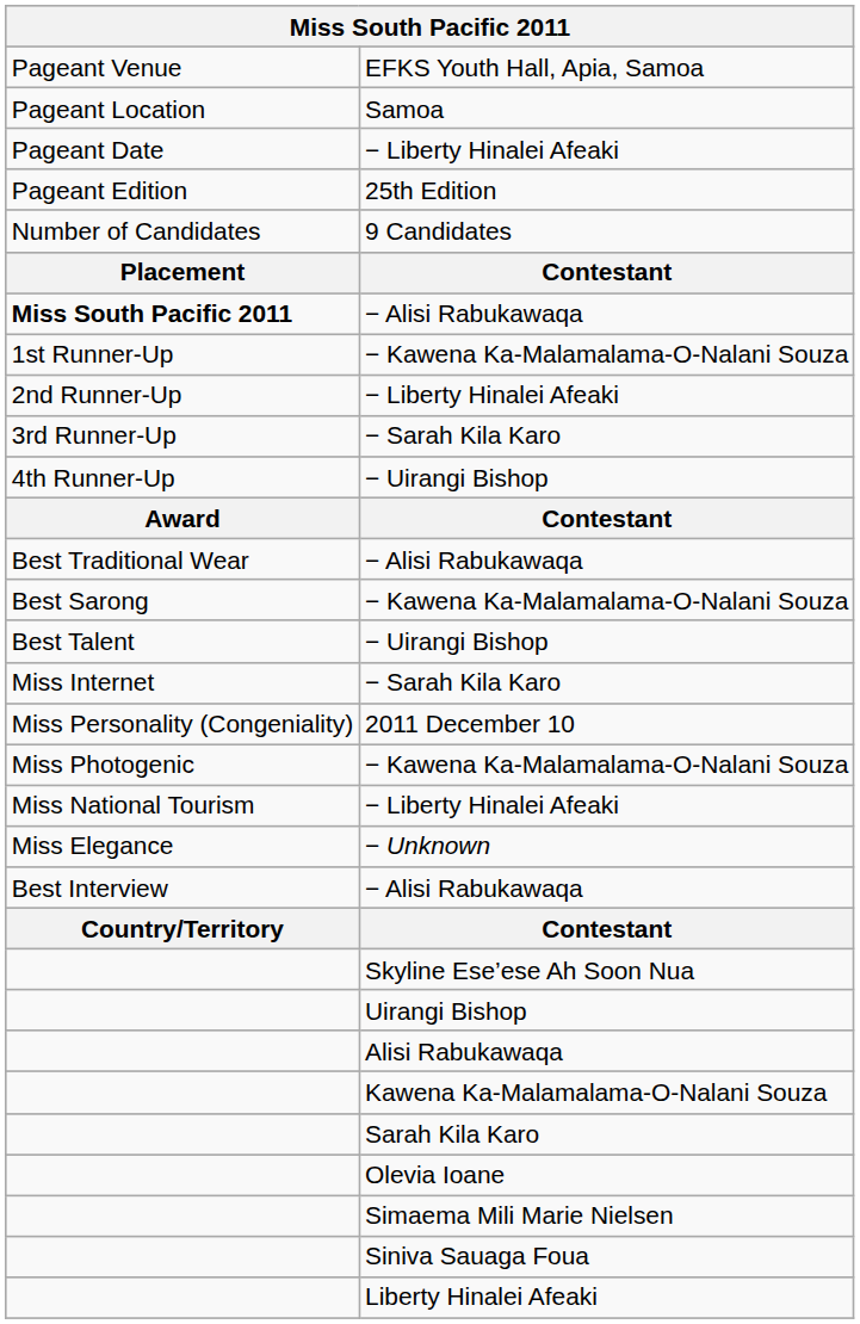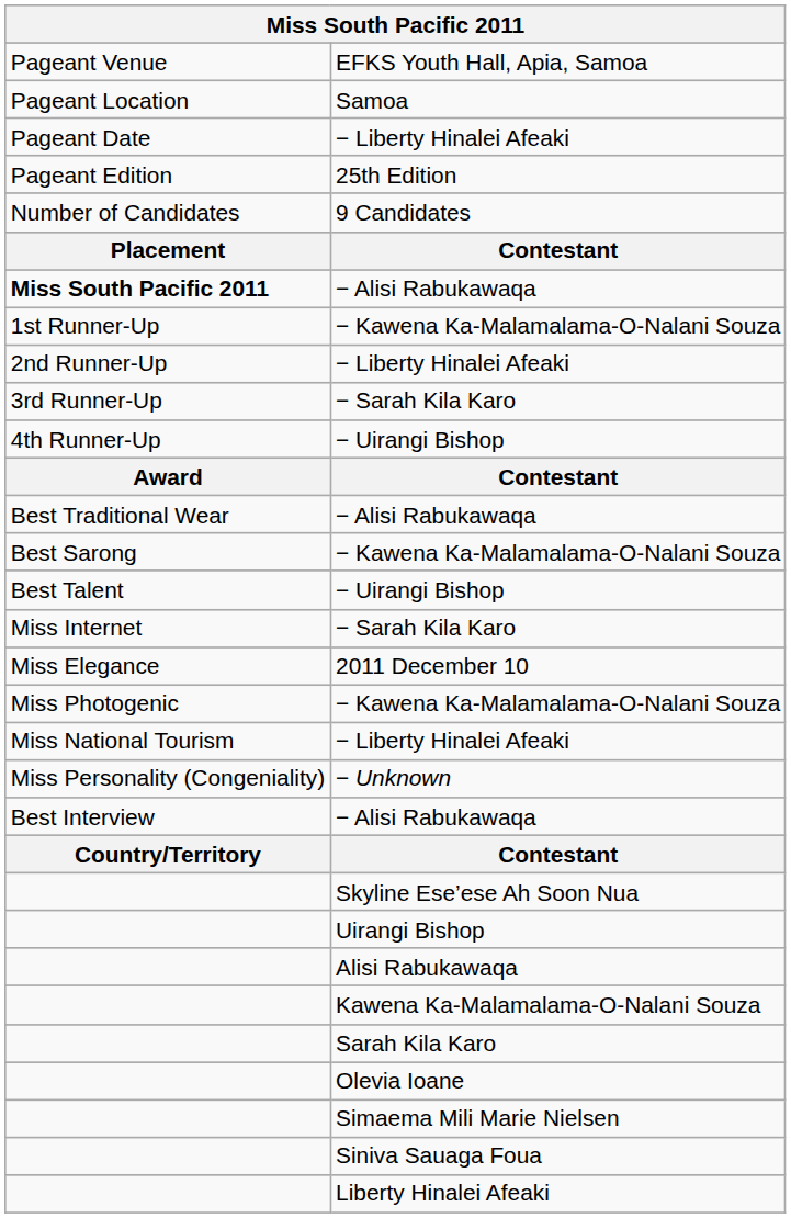 <table class="wikitable sortable" style="font-size: 80%;">
 <tr>
 <th colspan="2"><strong>Miss South Pacific 2011</strong></th>
 </tr>
 <tr>
 <td>Pageant Venue</td>
 <td>EFKS Youth Hall, Apia, Samoa</td>
 </tr>
 <tr>
 <td>Pageant Location</td>
 <td>Samoa</td>
 </tr>
 <tr>
 <td>Pageant Date</td>
 <td> − Liberty Hinalei Afeaki</td>
 </tr>
 <tr>
 <td>Pageant Edition</td>
 <td>25th Edition</td>
 </tr>
 <tr>
 <td>Number of Candidates</td>
 <td>9 Candidates</td>
 </tr>
 <tr>
 <th>Placement</th>
 <th>Contestant</th>
 </tr>
 <tr>
 <td><strong>Miss South Pacific 2011</strong></td>
 <td> − Alisi Rabukawaqa</td>
 </tr>
 <tr>
 <td>1st Runner-Up</td>
 <td> − Kawena Ka-Malamalama-O-Nalani Souza</td>
 </tr>
 <tr>
 <td>2nd Runner-Up</td>
 <td> − Liberty Hinalei Afeaki</td>
 </tr>
 <tr>
 <td>3rd Runner-Up</td>
 <td> − Sarah Kila Karo</td>
 </tr>
 <tr>
 <td>4th Runner-Up</td>
 <td> − Uirangi Bishop</td>
 </tr>
 <tr>
 <th>Award</th>
 <th>Contestant</th>
 </tr>
 <tr>
 <td>Best Traditional Wear</td>
 <td> − Alisi Rabukawaqa</td>
 </tr>
 <tr>
 <td>Best Sarong</td>
 <td> − Kawena Ka-Malamalama-O-Nalani Souza</td>
 </tr>
 <tr>
 <td>Best Talent</td>
 <td> − Uirangi Bishop</td>
 </tr>
 <tr>
 <td>Miss Internet</td>
 <td> − Sarah Kila Karo</td>
 </tr>
 <tr>
-<td>Miss Personality (Congeniality)</td>
+<td>Miss Elegance</td>
 <td>2011 December 10</td>
 </tr>
 <tr>
 <td>Miss Photogenic</td>
 <td> − Kawena Ka-Malamalama-O-Nalani Souza</td>
 </tr>
 <tr>
 <td>Miss National Tourism</td>
 <td> − Liberty Hinalei Afeaki</td>
 </tr>
 <tr>
-<td>Miss Elegance</td>
+<td>Miss Personality (Congeniality)</td>
 <td> − <em>Unknown</em></td>
 </tr>
 <tr>
 <td>Best Interview</td>
 <td> − Alisi Rabukawaqa</td>
 </tr>
 <tr>
 <th><strong>Country/Territory</strong></th>
 <th>Contestant</th>
 </tr>
 <tr>
 <td></td>
 <td>Skyline Ese’ese Ah Soon Nua</td>
 </tr>
 <tr>
 <td></td>
 <td>Uirangi Bishop</td>
 </tr>
 <tr>
 <td></td>
 <td>Alisi Rabukawaqa</td>
 </tr>
 <tr>
 <td></td>
 <td>Kawena Ka-Malamalama-O-Nalani Souza</td>
 </tr>
 <tr>
 <td></td>
 <td>Sarah Kila Karo</td>
 </tr>
 <tr>
 <td></td>
 <td>Olevia Ioane</td>
 </tr>
 <tr>
 <td></td>
 <td>Simaema Mili Marie Nielsen</td>
 </tr>
 <tr>
 <td></td>
 <td>Siniva Sauaga Foua</td>
 </tr>
 <tr>
 <td></td>
 <td>Liberty Hinalei Afeaki</td>
 </tr>
 </table>
